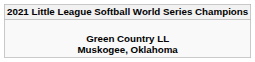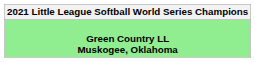 <table class="wikitable" style="text-align: center; margin: 0 auto;">
 <tr>
 <th>2021 Little League Softball World Series Champions</th>
 </tr>
 <tr>
-<td> <br><strong>Green Country LL</strong><br><strong>Muskogee, Oklahoma</strong></td>
+<td style="background: lightgreen;"> <br><strong>Green Country LL</strong><br><strong>Muskogee, Oklahoma</strong></td>
 </tr>
 </table>
